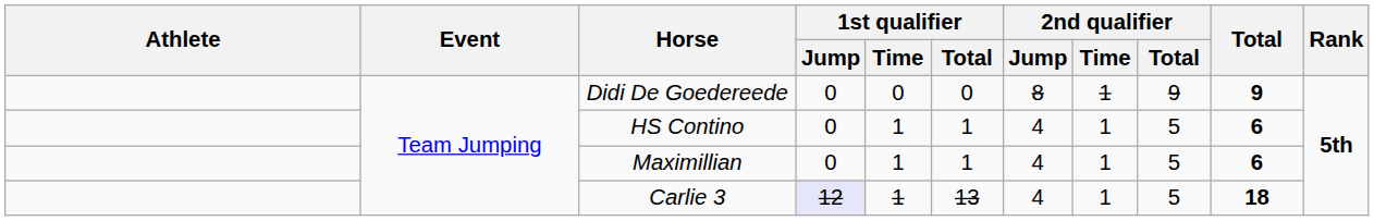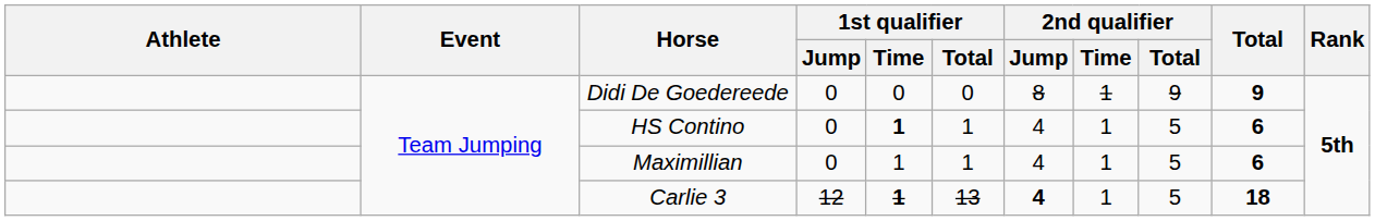 <table class="wikitable" style="text-align:center">
 <tr>
 <th rowspan=2 width=250>Athlete</th>
 <th rowspan=2 width=150>Event</th>
 <th rowspan=2 width=150>Horse</th>
 <th colspan=3>1st qualifier</th>
 <th colspan=3>2nd qualifier</th>
 <th rowspan=2 width=60>Total</th>
 <th rowspan=2 width=40>Rank</th>
 </tr>
 <tr>
 <th width=40>Jump</th>
 <th width=40>Time</th>
 <th width=45>Total</th>
 <th width=40>Jump</th>
 <th width=40>Time</th>
 <th width=45>Total</th>
 </tr>
 <tr>
 <td align=left></td>
 <td rowspan=4><a href='#'>Team Jumping</a></td>
 <td><em>Didi De Goedereede</em></td>
 <td>0</td>
 <td>0</td>
 <td>0</td>
 <td><s>8</s></td>
 <td><s>1</s></td>
 <td><s>9</s></td>
 <td><strong>9</strong></td>
 <td rowspan=4><strong>5th</strong></td>
 </tr>
 <tr>
 <td align=left></td>
 <td><em>HS Contino</em></td>
 <td>0</td>
-<td>1</td>
+<td><strong>1</strong></td>
 <td>1</td>
 <td>4</td>
 <td>1</td>
 <td>5</td>
 <td><strong>6</strong></td>
 </tr>
 <tr>
 <td align=left></td>
 <td><em>Maximillian</em></td>
 <td>0</td>
 <td>1</td>
 <td>1</td>
 <td>4</td>
 <td>1</td>
 <td>5</td>
 <td><strong>6</strong></td>
 </tr>
 <tr>
 <td align=left></td>
 <td><em>Carlie 3</em></td>
-<td style="background: lavender;"><s>12</s></td>
-<td><s>1</s></td>
+<td><s>12</s></td>
+<td><strong><s>1</s></strong></td>
 <td><s>13</s></td>
-<td>4</td>
+<td><strong>4</strong></td>
 <td>1</td>
 <td>5</td>
 <td><strong>18</strong></td>
 </tr>
 </table>
